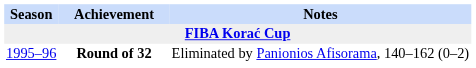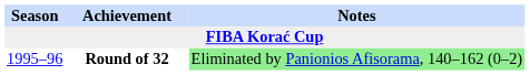 <table class="toccolours" border="0" cellpadding="2" cellspacing="0" align="left" style="margin:0.5em;">
 <tr bgcolor=#CADCFB>
 <th>Season</th>
 <th style="width:120px;">Achievement</th>
 <th>Notes</th>
 </tr>
 <tr>
 <th colspan="4" bgcolor=#EFEFEF><a href='#'>FIBA Korać Cup</a></th>
 </tr>
 <tr>
 <td align="center"><a href='#'>1995–96</a></td>
 <td align="center"><strong>Round of 32</strong></td>
-<td align="left">Eliminated by <a href='#'>Panionios Afisorama</a>, 140–162 (0–2)</td>
+<td align="left" style="background: lightgreen;">Eliminated by <a href='#'>Panionios Afisorama</a>, 140–162 (0–2)</td>
 </tr>
 <tr>
 </tr>
 </table>
